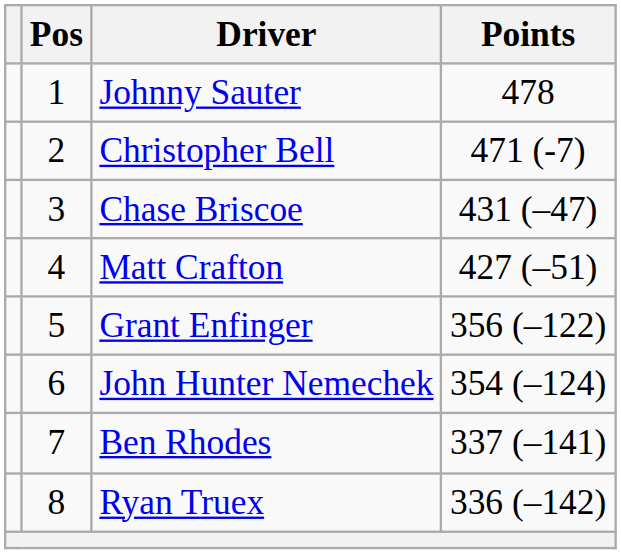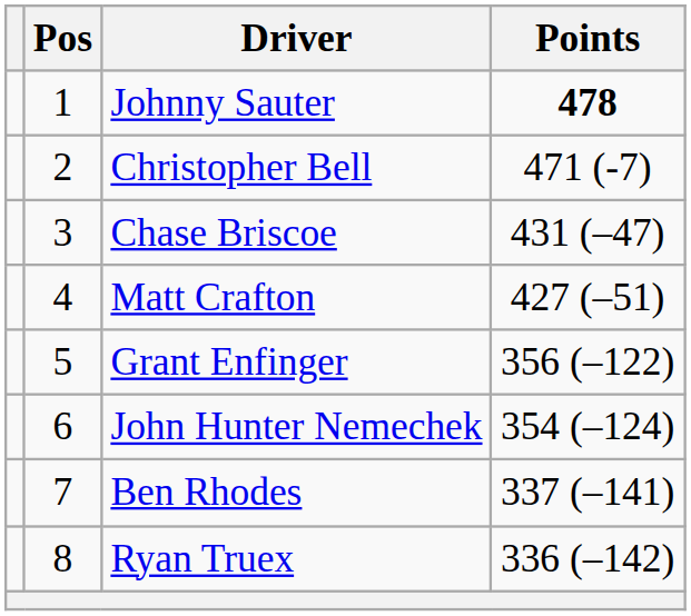 <table class="wikitable" style="font-size: 95%;">
 <tr>
 <th></th>
 <th>Pos</th>
 <th>Driver</th>
 <th>Points</th>
 </tr>
 <tr>
 <td align="left"></td>
 <td style="text-align:center;">1</td>
 <td><a href='#'>Johnny Sauter</a></td>
-<td style="text-align:center;">478</td>
+<td style="text-align:center;"><strong>478</strong></td>
 </tr>
 <tr>
 <td align="left"></td>
 <td style="text-align:center;">2</td>
 <td><a href='#'>Christopher Bell</a></td>
 <td style="text-align:center;">471 (-7)</td>
 </tr>
 <tr>
 <td align="left"></td>
 <td style="text-align:center;">3</td>
 <td><a href='#'>Chase Briscoe</a></td>
 <td style="text-align:center;">431 (–47)</td>
 </tr>
 <tr>
 <td align="left"></td>
 <td style="text-align:center;">4</td>
 <td><a href='#'>Matt Crafton</a></td>
 <td style="text-align:center;">427 (–51)</td>
 </tr>
 <tr>
 <td align="left"></td>
 <td style="text-align:center;">5</td>
 <td><a href='#'>Grant Enfinger</a></td>
 <td style="text-align:center;">356 (–122)</td>
 </tr>
 <tr>
 <td align="left"></td>
 <td style="text-align:center;">6</td>
 <td><a href='#'>John Hunter Nemechek</a></td>
 <td style="text-align:center;">354 (–124)</td>
 </tr>
 <tr>
 <td align="left"></td>
 <td style="text-align:center;">7</td>
 <td><a href='#'>Ben Rhodes</a></td>
 <td style="text-align:center;">337 (–141)</td>
 </tr>
 <tr>
 <td align="left"></td>
 <td style="text-align:center;">8</td>
 <td><a href='#'>Ryan Truex</a></td>
 <td style="text-align:center;">336 (–142)</td>
 </tr>
 <tr class="sortbottom">
 <th colspan="9"></th>
 </tr>
 </table>
